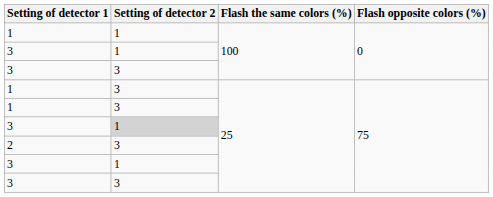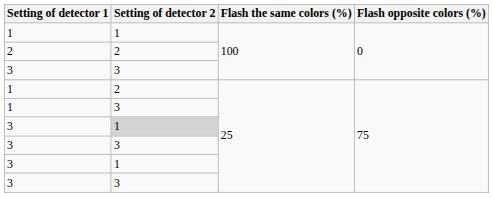 <table class="wikitable">
 <tr>
 <th>Setting of detector 1</th>
 <th>Setting of detector 2</th>
 <th>Flash the same colors (%)</th>
 <th>Flash opposite colors (%)</th>
 </tr>
 <tr>
 <td>1</td>
 <td>1</td>
 <td rowspan="3">100</td>
 <td rowspan="3">0</td>
 </tr>
 <tr>
-<td>3</td>
-<td>1</td>
+<td>2</td>
+<td>2</td>
 </tr>
 <tr>
 <td>3</td>
 <td>3</td>
 </tr>
 <tr>
 <td>1</td>
-<td>3</td>
+<td>2</td>
 <td rowspan="6">25</td>
 <td rowspan="6">75</td>
 </tr>
 <tr>
 <td>1</td>
 <td>3</td>
 </tr>
 <tr>
 <td>3</td>
 <td style="background: lightgrey;">1</td>
 </tr>
 <tr>
-<td>2</td>
+<td>3</td>
 <td>3</td>
 </tr>
 <tr>
 <td>3</td>
 <td>1</td>
 </tr>
 <tr>
 <td>3</td>
 <td>3</td>
 </tr>
 </table>
